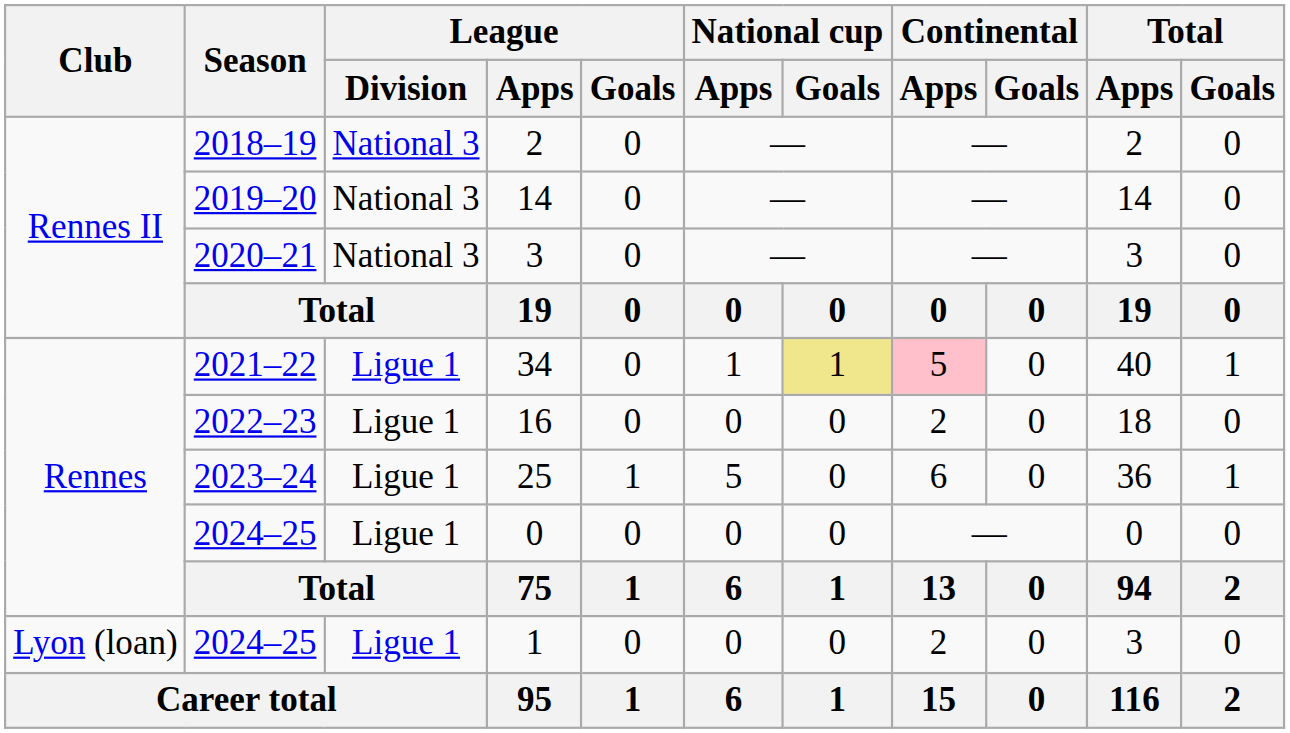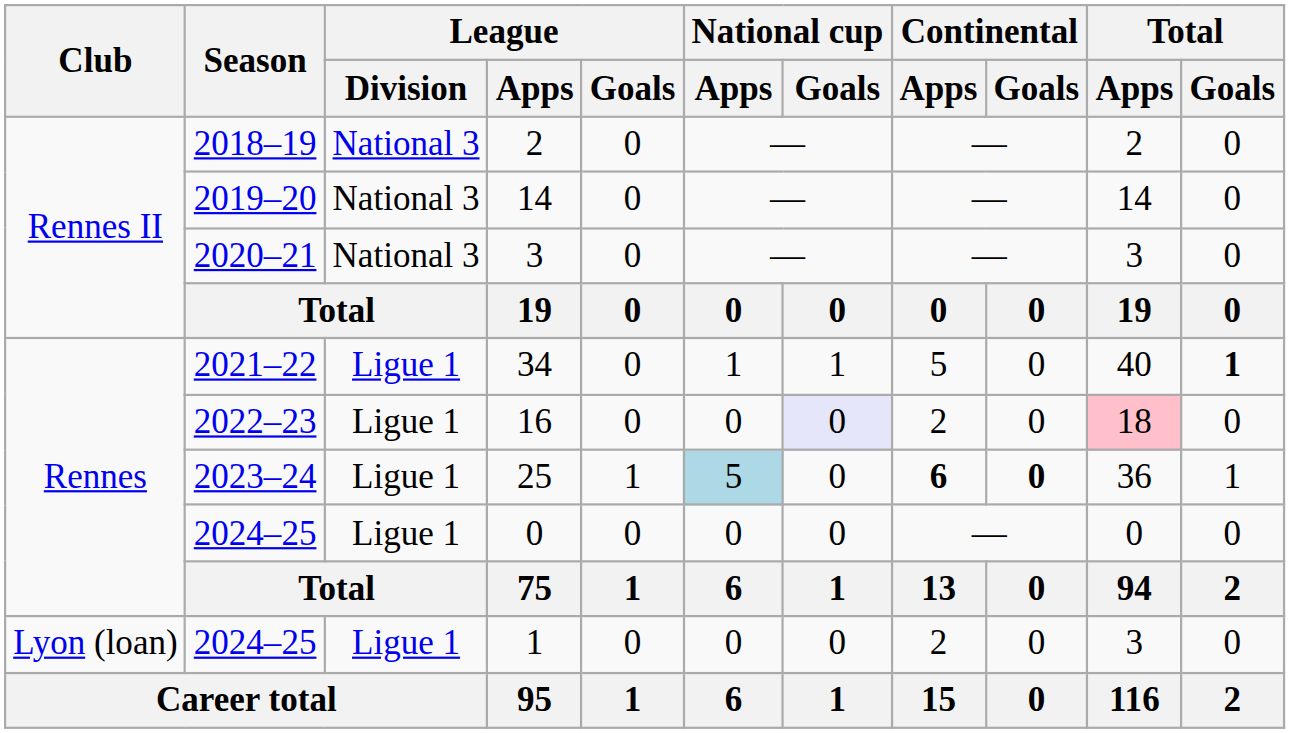 <table class="wikitable" Style="text-align: center">
 <tr>
 <th rowspan="2">Club</th>
 <th rowspan="2">Season</th>
 <th colspan="3">League</th>
 <th colspan="2">National cup</th>
 <th colspan="2">Continental</th>
 <th colspan="2">Total</th>
 </tr>
 <tr>
 <th>Division</th>
 <th>Apps</th>
 <th>Goals</th>
 <th>Apps</th>
 <th>Goals</th>
 <th>Apps</th>
 <th>Goals</th>
 <th>Apps</th>
 <th>Goals</th>
 </tr>
 <tr>
 <td rowspan="4"><a href='#'>Rennes II</a></td>
 <td><a href='#'>2018–19</a></td>
 <td><a href='#'>National 3</a></td>
 <td>2</td>
 <td>0</td>
 <td colspan="2">—</td>
 <td colspan="2">—</td>
 <td>2</td>
 <td>0</td>
 </tr>
 <tr>
 <td><a href='#'>2019–20</a></td>
 <td>National 3</td>
 <td>14</td>
 <td>0</td>
 <td colspan="2">—</td>
 <td colspan="2">—</td>
 <td>14</td>
 <td>0</td>
 </tr>
 <tr>
 <td><a href='#'>2020–21</a></td>
 <td>National 3</td>
 <td>3</td>
 <td>0</td>
 <td colspan="2">—</td>
 <td colspan="2">—</td>
 <td>3</td>
 <td>0</td>
 </tr>
 <tr>
 <th colspan="2">Total</th>
 <th>19</th>
 <th>0</th>
 <th>0</th>
 <th>0</th>
 <th>0</th>
 <th>0</th>
 <th>19</th>
 <th>0</th>
 </tr>
 <tr>
 <td rowspan="5"><a href='#'>Rennes</a></td>
 <td><a href='#'>2021–22</a></td>
 <td><a href='#'>Ligue 1</a></td>
 <td>34</td>
 <td>0</td>
 <td>1</td>
-<td style="background: khaki;">1</td>
-<td style="background: pink;">5</td>
+<td>1</td>
+<td>5</td>
 <td>0</td>
 <td>40</td>
-<td>1</td>
+<td><strong>1</strong></td>
 </tr>
 <tr>
 <td><a href='#'>2022–23</a></td>
 <td>Ligue 1</td>
 <td>16</td>
 <td>0</td>
 <td>0</td>
-<td>0</td>
+<td style="background: lavender;">0</td>
 <td>2</td>
 <td>0</td>
-<td>18</td>
+<td style="background: pink;">18</td>
 <td>0</td>
 </tr>
 <tr>
 <td><a href='#'>2023–24</a></td>
 <td>Ligue 1</td>
 <td>25</td>
 <td>1</td>
-<td>5</td>
+<td style="background: lightblue;">5</td>
 <td>0</td>
-<td>6</td>
-<td>0</td>
+<td><strong>6</strong></td>
+<td><strong>0</strong></td>
 <td>36</td>
 <td>1</td>
 </tr>
 <tr>
 <td><a href='#'>2024–25</a></td>
 <td>Ligue 1</td>
 <td>0</td>
 <td>0</td>
 <td>0</td>
 <td>0</td>
 <td colspan="2">—</td>
 <td>0</td>
 <td>0</td>
 </tr>
 <tr>
 <th colspan="2">Total</th>
 <th>75</th>
 <th>1</th>
 <th>6</th>
 <th>1</th>
 <th>13</th>
 <th>0</th>
 <th>94</th>
 <th>2</th>
 </tr>
 <tr>
 <td><a href='#'>Lyon</a> (loan)</td>
 <td><a href='#'>2024–25</a></td>
 <td><a href='#'>Ligue 1</a></td>
 <td>1</td>
 <td>0</td>
 <td>0</td>
 <td>0</td>
 <td>2</td>
 <td>0</td>
 <td>3</td>
 <td>0</td>
 </tr>
 <tr>
 <th colspan="3">Career total</th>
 <th>95</th>
 <th>1</th>
 <th>6</th>
 <th>1</th>
 <th>15</th>
 <th>0</th>
 <th>116</th>
 <th>2</th>
 </tr>
 </table>
